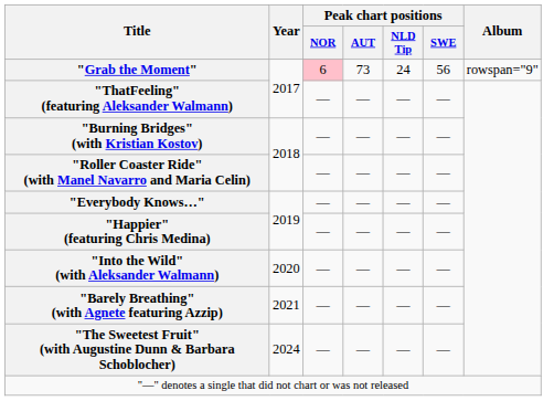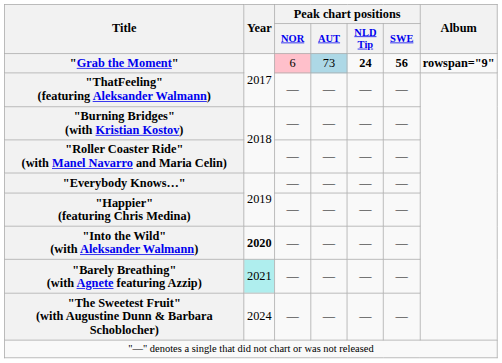 <table class="wikitable plainrowheaders" style="text-align:center">
 <tr>
 <th scope="col" rowspan="2" style="width:19em;">Title</th>
 <th scope="col" rowspan="2" style="width:1em;">Year</th>
 <th scope="col" colspan="4">Peak chart positions</th>
 <th scope="col" rowspan="2">Album</th>
 </tr>
 <tr>
 <th scope="col" style="width:3em;font-size:85%;"><a href='#'>NOR</a><br></th>
 <th scope="col" style="width:3em;font-size:85%;"><a href='#'>AUT</a><br></th>
 <th scope="col" style="width:3em;font-size:85%;"><a href='#'>NLD<br>Tip</a><br></th>
 <th scope="col" style="width:3em;font-size:85%;"><a href='#'>SWE</a><br></th>
 </tr>
 <tr>
 <th scope="row">"<a href='#'>Grab the Moment</a>"</th>
 <td rowspan="2">2017</td>
 <td style="background: pink;">6</td>
-<td>73</td>
-<td>24</td>
-<td>56</td>
-<td>rowspan="9" </td>
+<td style="background: lightblue;">73</td>
+<td><strong>24</strong></td>
+<td><strong>56</strong></td>
+<td><strong>rowspan="9" </strong></td>
 </tr>
 <tr>
 <th scope="row">"ThatFeeling"<br><span>(featuring <a href='#'>Aleksander Walmann</a>)</span></th>
 <td>—</td>
 <td>—</td>
 <td>—</td>
 <td>—</td>
 </tr>
 <tr>
 <th scope="row">"Burning Bridges"<br><span>(with <a href='#'>Kristian Kostov</a>)</span></th>
 <td rowspan="2">2018</td>
 <td>—</td>
 <td>—</td>
 <td>—</td>
 <td>—</td>
 </tr>
 <tr>
 <th scope="row">"Roller Coaster Ride"<br><span>(with <a href='#'>Manel Navarro</a> and Maria Celin)</span></th>
 <td>—</td>
 <td>—</td>
 <td>—</td>
 <td>—</td>
 </tr>
 <tr>
 <th scope="row">"Everybody Knows…"</th>
 <td rowspan="2">2019</td>
 <td>—</td>
 <td>—</td>
 <td>—</td>
 <td>—</td>
 </tr>
 <tr>
 <th scope="row">"Happier"<br><span>(featuring Chris Medina)</span></th>
 <td>—</td>
 <td>—</td>
 <td>—</td>
 <td>—</td>
 </tr>
 <tr>
 <th scope="row">"Into the Wild"<br><span>(with <a href='#'>Aleksander Walmann</a>)</span></th>
-<td>2020</td>
+<td><strong>2020</strong></td>
 <td>—</td>
 <td>—</td>
 <td>—</td>
 <td>—</td>
 </tr>
 <tr>
 <th scope="row">"Barely Breathing"<br><span>(with <a href='#'>Agnete</a> featuring Azzip)</span></th>
-<td>2021</td>
+<td style="background: paleturquoise;">2021</td>
 <td>—</td>
 <td>—</td>
 <td>—</td>
 <td>—</td>
 </tr>
 <tr>
 <th scope="row">"The Sweetest Fruit"<br><span>(with Augustine Dunn & Barbara Schoblocher)</span></th>
 <td>2024</td>
 <td>—</td>
 <td>—</td>
 <td>—</td>
 <td>—</td>
 </tr>
 <tr>
 <td style="text-align:center; font-size:85%;" colspan="22">"—" denotes a single that did not chart or was not released</td>
 </tr>
 </table>
